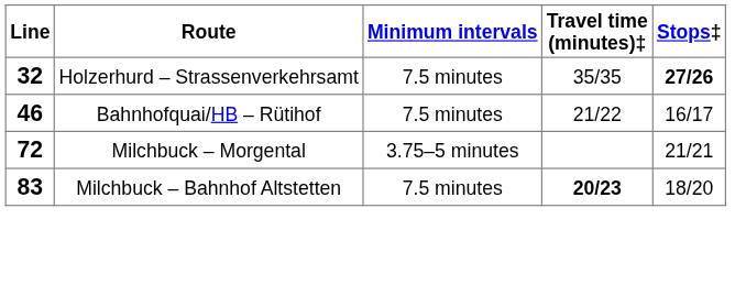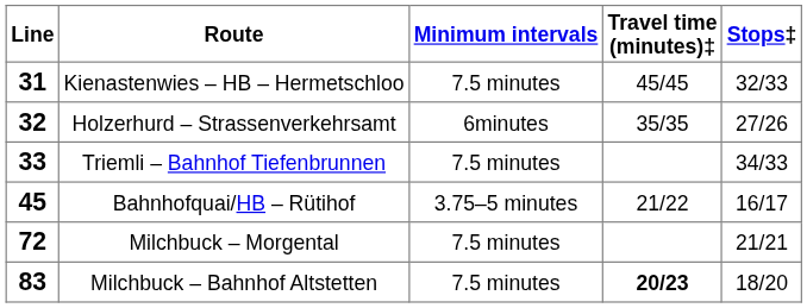 <table border="1" cellspacing="0" cellpadding="3" style="border-collapse:collapse; font-size:95%; margin-left:10px; margin-bottom:5px; text-align:center">
 <tr>
 <th>Line</th>
 <th>Route</th>
 <th><a href='#'>Minimum intervals</a></th>
 <th>Travel time<br>(minutes)‡</th>
 <th><a href='#'>Stops</a>‡</th>
 </tr>
 <tr>
+<td><span><big><strong>31</strong></big></span></td>
+<td>Kienastenwies – HB – Hermetschloo</td>
+<td>7.5 minutes</td>
+<td>45/45</td>
+<td>32/33</td>
+</tr>
+<tr>
 <td><span><big><strong>32</strong></big></span></td>
 <td>Holzerhurd – Strassenverkehrsamt</td>
-<td>7.5 minutes</td>
+<td>6minutes</td>
 <td>35/35</td>
-<td><strong>27/26</strong></td>
+<td>27/26</td>
 </tr>
 <tr>
-<td><span><big><strong>46</strong></big></span></td>
+<td><span><big><strong>33</strong></big></span></td>
+<td>Triemli – <a href='#'>Bahnhof Tiefenbrunnen</a></td>
+<td>7.5 minutes</td>
+<td></td>
+<td>34/33</td>
+</tr>
+<tr>
+<td><span><big><strong>45</strong></big></span></td>
 <td>Bahnhofquai/<a href='#'>HB</a> – Rütihof</td>
-<td>7.5 minutes</td>
+<td>3.75–5 minutes</td>
 <td>21/22</td>
 <td>16/17</td>
 </tr>
 <tr>
 <td><span><big><strong>72</strong></big></span></td>
 <td>Milchbuck – Morgental</td>
-<td>3.75–5 minutes</td>
+<td>7.5 minutes</td>
 <td></td>
 <td>21/21</td>
 </tr>
 <tr align="center">
 <td><span><big><strong>83</strong></big></span></td>
 <td>Milchbuck – Bahnhof Altstetten</td>
 <td>7.5 minutes</td>
 <td><strong>20/23</strong></td>
 <td>18/20</td>
 </tr>
 </table>
